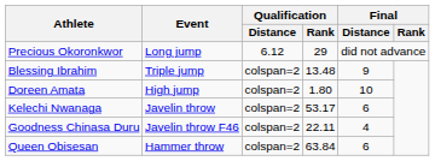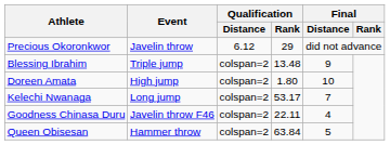 <table class="wikitable" style="font-size:90%">
 <tr>
 <th rowspan=2>Athlete</th>
 <th rowspan=2>Event</th>
 <th colspan=2>Qualification</th>
 <th colspan=2>Final</th>
 </tr>
 <tr style="font-size:95%">
 <th>Distance</th>
 <th>Rank</th>
 <th>Distance</th>
 <th>Rank</th>
 </tr>
 <tr align=center>
 <td align=left><a href='#'>Precious Okoronkwor</a></td>
-<td style="text-align:left;"><a href='#'>Long jump</a></td>
+<td style="text-align:left;"><a href='#'>Javelin throw</a></td>
 <td>6.12</td>
 <td>29</td>
 <td colspan=2>did not advance</td>
 </tr>
 <tr align=center>
 <td align=left><a href='#'>Blessing Ibrahim</a></td>
 <td style="text-align:left;"><a href='#'>Triple jump</a></td>
 <td>colspan=2</td>
 <td>13.48</td>
 <td>9</td>
 </tr>
 <tr align=center>
 <td align=left><a href='#'>Doreen Amata</a></td>
 <td style="text-align:left;"><a href='#'>High jump</a></td>
 <td>colspan=2</td>
 <td>1.80</td>
 <td>10</td>
 </tr>
 <tr align=center>
 <td align=left><a href='#'>Kelechi Nwanaga</a></td>
-<td style="text-align:left;"><a href='#'>Javelin throw</a></td>
+<td style="text-align:left;"><a href='#'>Long jump</a></td>
 <td>colspan=2</td>
 <td>53.17</td>
-<td>6</td>
+<td>7</td>
 </tr>
 <tr align=center>
 <td align=left><a href='#'>Goodness Chinasa Duru</a></td>
 <td style="text-align:left;"><a href='#'>Javelin throw F46</a></td>
 <td>colspan=2</td>
 <td>22.11</td>
 <td>4</td>
 </tr>
 <tr align=center>
 <td align=left><a href='#'>Queen Obisesan</a></td>
 <td style="text-align:left;"><a href='#'>Hammer throw</a></td>
 <td>colspan=2</td>
 <td>63.84</td>
-<td>6</td>
+<td>5</td>
 </tr>
 </table>
